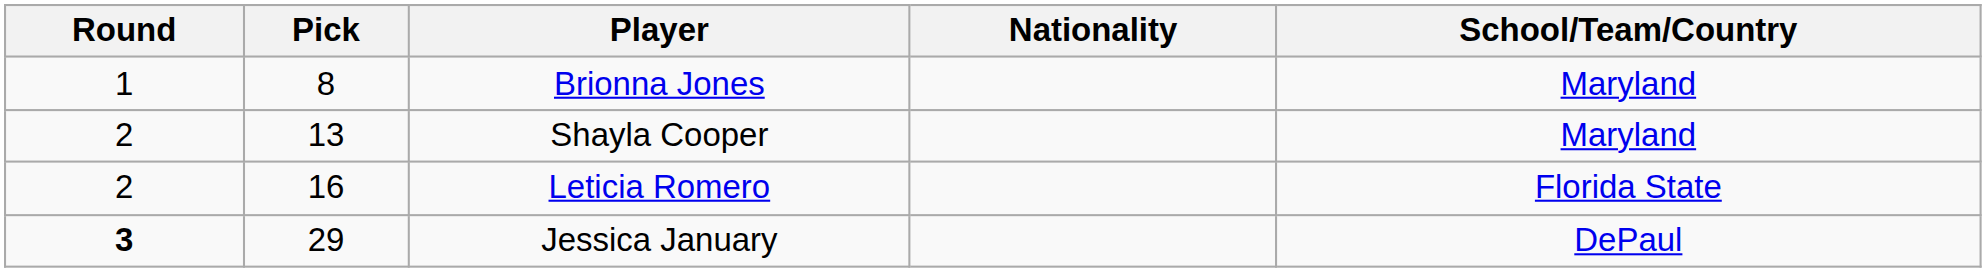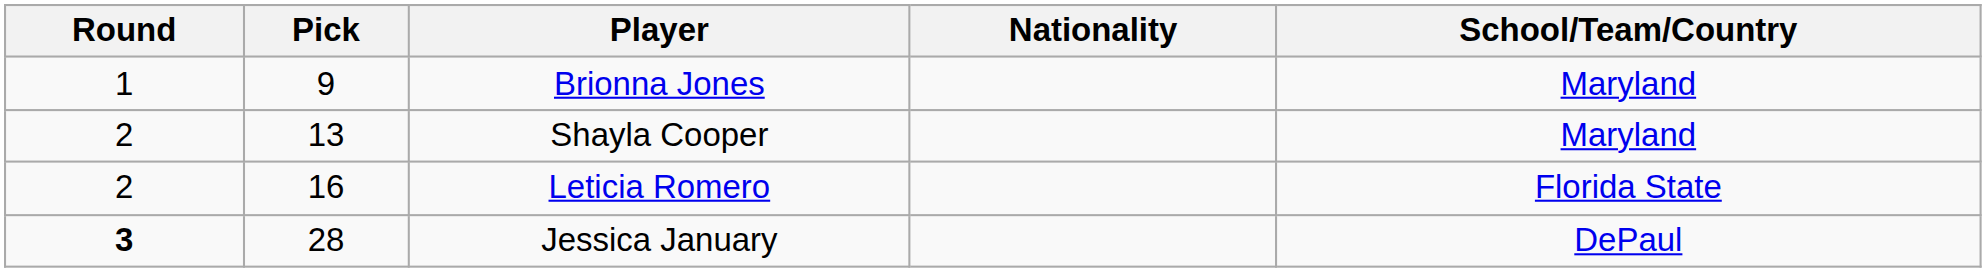 <table class="wikitable" style="text-align:center; width:60em">
 <tr>
 <th>Round</th>
 <th>Pick</th>
 <th>Player</th>
 <th>Nationality</th>
 <th>School/Team/Country</th>
 </tr>
 <tr>
 <td>1</td>
-<td>8</td>
+<td>9</td>
 <td><a href='#'>Brionna Jones</a></td>
 <td></td>
 <td><a href='#'>Maryland</a></td>
 </tr>
 <tr>
 <td>2</td>
 <td>13</td>
 <td>Shayla Cooper</td>
 <td></td>
 <td><a href='#'>Maryland</a></td>
 </tr>
 <tr>
 <td>2</td>
 <td>16</td>
 <td><a href='#'>Leticia Romero</a></td>
 <td></td>
 <td><a href='#'>Florida State</a></td>
 </tr>
 <tr>
 <td><strong>3</strong></td>
-<td>29</td>
+<td>28</td>
 <td>Jessica January</td>
 <td></td>
 <td><a href='#'>DePaul</a></td>
 </tr>
 </table>
